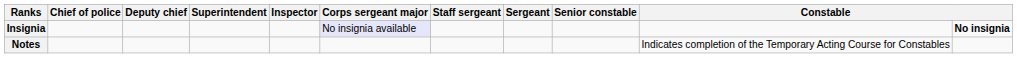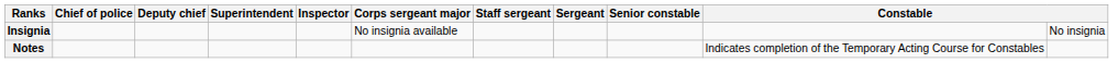 <table class="wikitable">
 <tr>
 <th>Ranks</th>
 <th>Chief of police</th>
 <th>Deputy chief</th>
 <th>Superintendent</th>
 <th>Inspector</th>
 <th>Corps sergeant major</th>
 <th>Staff sergeant</th>
 <th>Sergeant</th>
 <th>Senior constable</th>
 <th colspan="2">Constable</th>
 </tr>
 <tr>
 <th>Insignia</th>
 <td></td>
 <td></td>
 <td></td>
 <td></td>
-<td style="background: lavender;">No insignia available</td>
+<td>No insignia available</td>
 <td></td>
 <td></td>
 <td><br></td>
 <td></td>
-<td><strong>No insignia</strong></td>
+<td>No insignia</td>
 </tr>
 <tr>
 <th>Notes</th>
 <td></td>
 <td></td>
 <td></td>
 <td></td>
 <td></td>
 <td></td>
 <td></td>
 <td></td>
 <td style="vertical-align: top;">Indicates completion of the Temporary Acting Course for Constables</td>
 </tr>
 </table>
